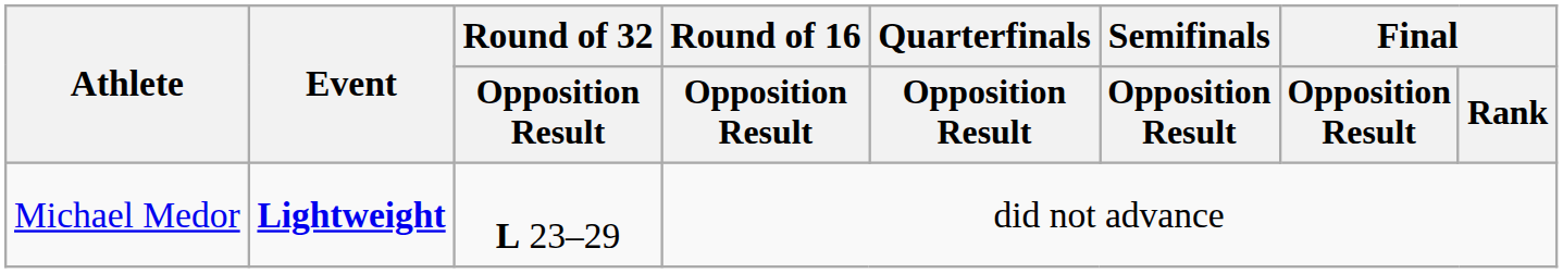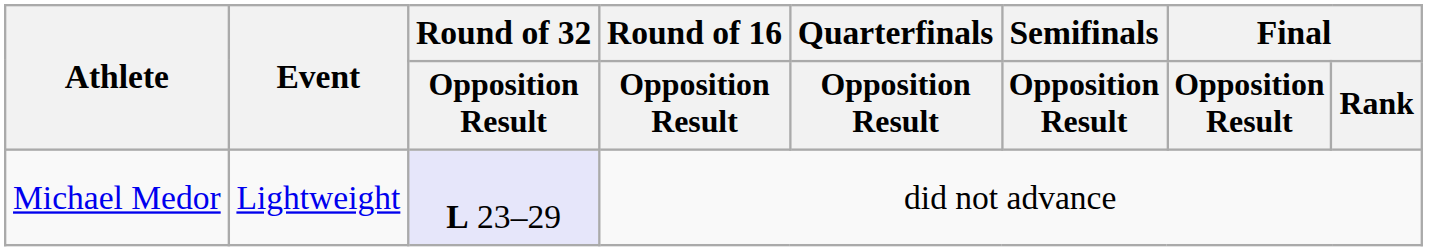 <table class="wikitable" style="font-size:90%">
 <tr>
 <th rowspan="2">Athlete</th>
 <th rowspan="2">Event</th>
 <th>Round of 32</th>
 <th>Round of 16</th>
 <th>Quarterfinals</th>
 <th>Semifinals</th>
 <th colspan=2>Final</th>
 </tr>
 <tr style="font-size:95%">
 <th>Opposition<br>Result</th>
 <th>Opposition<br>Result</th>
 <th>Opposition<br>Result</th>
 <th>Opposition<br>Result</th>
 <th>Opposition<br>Result</th>
 <th>Rank</th>
 </tr>
 <tr align=center>
 <td align=left><a href='#'>Michael Medor</a></td>
-<td align=left><strong><a href='#'>Lightweight</a></strong></td>
-<td><br><strong>L</strong> 23–29</td>
+<td align=left><a href='#'>Lightweight</a></td>
+<td style="background: lavender;"><br><strong>L</strong> 23–29</td>
 <td colspan=5>did not advance</td>
 </tr>
 </table>
